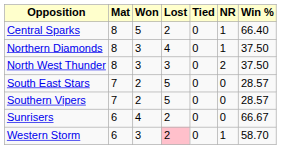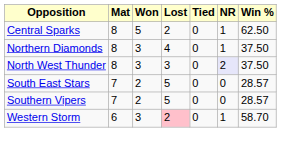 <table class="wikitable sortable">
 <tr>
 <th style="background:#ffc;">Opposition</th>
 <th style="background:#ffc;">Mat</th>
 <th style="background:#ffc;">Won</th>
 <th style="background:#ffc;">Lost</th>
 <th style="background:#ffc;">Tied</th>
 <th style="background:#ffc;">NR</th>
 <th style="background:#ffc;">Win %</th>
 </tr>
 <tr>
 <td><a href='#'>Central Sparks</a></td>
 <td>8</td>
 <td>5</td>
 <td>2</td>
 <td>0</td>
 <td>1</td>
-<td>66.40</td>
+<td>62.50</td>
 </tr>
 <tr>
 <td><a href='#'>Northern Diamonds</a></td>
 <td>8</td>
 <td>3</td>
 <td>4</td>
 <td>0</td>
 <td>1</td>
 <td>37.50</td>
 </tr>
 <tr>
 <td><a href='#'>North West Thunder</a></td>
 <td>8</td>
 <td>3</td>
 <td>3</td>
 <td>0</td>
-<td>2</td>
+<td style="background: lavender;">2</td>
 <td>37.50</td>
 </tr>
 <tr>
 <td><a href='#'>South East Stars</a></td>
 <td>7</td>
 <td>2</td>
 <td>5</td>
 <td>0</td>
 <td>0</td>
 <td>28.57</td>
 </tr>
 <tr>
 <td><a href='#'>Southern Vipers</a></td>
 <td>7</td>
 <td>2</td>
 <td>5</td>
 <td>0</td>
 <td>0</td>
 <td>28.57</td>
 </tr>
 <tr>
-<td><a href='#'>Sunrisers</a></td>
-<td>6</td>
-<td>4</td>
-<td>2</td>
-<td>0</td>
-<td>0</td>
-<td>66.67</td>
-</tr>
-<tr>
 <td><a href='#'>Western Storm</a></td>
 <td>6</td>
 <td>3</td>
 <td style="background: pink;">2</td>
 <td>0</td>
 <td>1</td>
 <td>58.70</td>
 </tr>
 </table>
